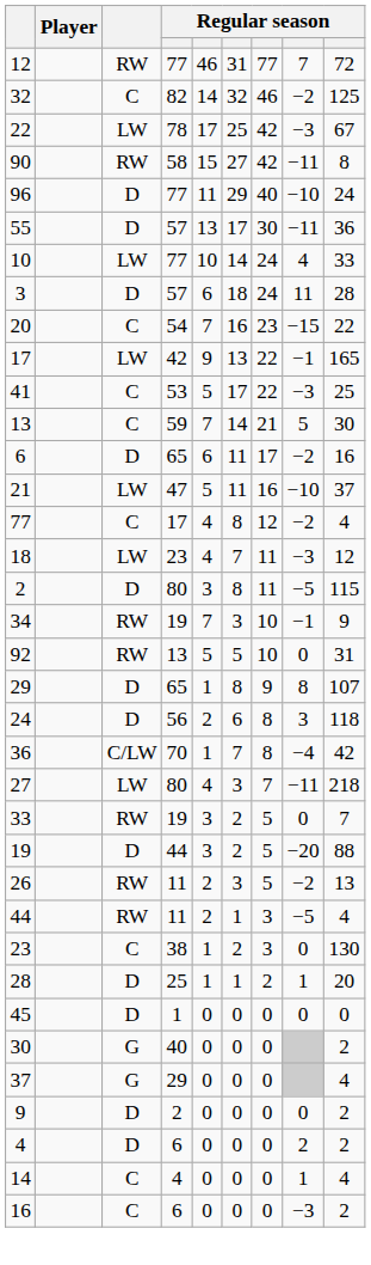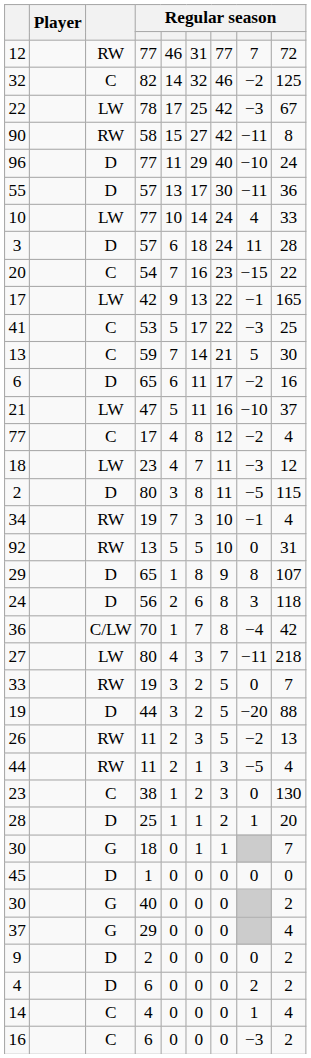 <table class="wikitable sortable plainrowheaders" style="text-align:center;">
 <tr>
 <th scope="col" data-sort-type="number" rowspan="2"></th>
 <th scope="col" rowspan="2">Player</th>
 <th scope="col" rowspan="2"></th>
 <th scope=colgroup colspan=6>Regular season</th>
 </tr>
 <tr>
 <th scope="col" data-sort-type="number"></th>
 <th scope="col" data-sort-type="number"></th>
 <th scope="col" data-sort-type="number"></th>
 <th scope="col" data-sort-type="number"></th>
 <th scope="col" data-sort-type="number"></th>
 <th scope="col" data-sort-type="number"></th>
 </tr>
 <tr>
 <td scope="row">12</td>
 <td align="left"></td>
 <td>RW</td>
 <td>77</td>
 <td>46</td>
 <td>31</td>
 <td>77</td>
 <td>7</td>
 <td>72</td>
 </tr>
 <tr>
 <td scope="row">32</td>
 <td align="left"></td>
 <td>C</td>
 <td>82</td>
 <td>14</td>
 <td>32</td>
 <td>46</td>
 <td>−2</td>
 <td>125</td>
 </tr>
 <tr>
 <td scope="row">22</td>
 <td align="left"></td>
 <td>LW</td>
 <td>78</td>
 <td>17</td>
 <td>25</td>
 <td>42</td>
 <td>−3</td>
 <td>67</td>
 </tr>
 <tr>
 <td scope="row">90</td>
 <td align="left"></td>
 <td>RW</td>
 <td>58</td>
 <td>15</td>
 <td>27</td>
 <td>42</td>
 <td>−11</td>
 <td>8</td>
 </tr>
 <tr>
 <td scope="row">96</td>
 <td align="left"></td>
 <td>D</td>
 <td>77</td>
 <td>11</td>
 <td>29</td>
 <td>40</td>
 <td>−10</td>
 <td>24</td>
 </tr>
 <tr>
 <td scope="row">55</td>
 <td align="left"></td>
 <td>D</td>
 <td>57</td>
 <td>13</td>
 <td>17</td>
 <td>30</td>
 <td>−11</td>
 <td>36</td>
 </tr>
 <tr>
 <td scope="row">10</td>
 <td align="left"></td>
 <td>LW</td>
 <td>77</td>
 <td>10</td>
 <td>14</td>
 <td>24</td>
 <td>4</td>
 <td>33</td>
 </tr>
 <tr>
 <td scope="row">3</td>
 <td align="left"></td>
 <td>D</td>
 <td>57</td>
 <td>6</td>
 <td>18</td>
 <td>24</td>
 <td>11</td>
 <td>28</td>
 </tr>
 <tr>
 <td scope="row">20</td>
 <td align="left"></td>
 <td>C</td>
 <td>54</td>
 <td>7</td>
 <td>16</td>
 <td>23</td>
 <td>−15</td>
 <td>22</td>
 </tr>
 <tr>
 <td scope="row">17</td>
 <td align="left"></td>
 <td>LW</td>
 <td>42</td>
 <td>9</td>
 <td>13</td>
 <td>22</td>
 <td>−1</td>
 <td>165</td>
 </tr>
 <tr>
 <td scope="row">41</td>
 <td align="left"></td>
 <td>C</td>
 <td>53</td>
 <td>5</td>
 <td>17</td>
 <td>22</td>
 <td>−3</td>
 <td>25</td>
 </tr>
 <tr>
 <td scope="row">13</td>
 <td align="left"></td>
 <td>C</td>
 <td>59</td>
 <td>7</td>
 <td>14</td>
 <td>21</td>
 <td>5</td>
 <td>30</td>
 </tr>
 <tr>
 <td scope="row">6</td>
 <td align="left"></td>
 <td>D</td>
 <td>65</td>
 <td>6</td>
 <td>11</td>
 <td>17</td>
 <td>−2</td>
 <td>16</td>
 </tr>
 <tr>
 <td scope="row">21</td>
 <td align="left"></td>
 <td>LW</td>
 <td>47</td>
 <td>5</td>
 <td>11</td>
 <td>16</td>
 <td>−10</td>
 <td>37</td>
 </tr>
 <tr>
 <td scope="row">77</td>
 <td align="left"></td>
 <td>C</td>
 <td>17</td>
 <td>4</td>
 <td>8</td>
 <td>12</td>
 <td>−2</td>
 <td>4</td>
 </tr>
 <tr>
 <td scope="row">18</td>
 <td align="left"></td>
 <td>LW</td>
 <td>23</td>
 <td>4</td>
 <td>7</td>
 <td>11</td>
 <td>−3</td>
 <td>12</td>
 </tr>
 <tr>
 <td scope="row">2</td>
 <td align="left"></td>
 <td>D</td>
 <td>80</td>
 <td>3</td>
 <td>8</td>
 <td>11</td>
 <td>−5</td>
 <td>115</td>
 </tr>
 <tr>
 <td scope="row">34</td>
 <td align="left"></td>
 <td>RW</td>
 <td>19</td>
 <td>7</td>
 <td>3</td>
 <td>10</td>
 <td>−1</td>
-<td>9</td>
+<td>4</td>
 </tr>
 <tr>
 <td scope="row">92</td>
 <td align="left"></td>
 <td>RW</td>
 <td>13</td>
 <td>5</td>
 <td>5</td>
 <td>10</td>
 <td>0</td>
 <td>31</td>
 </tr>
 <tr>
 <td scope="row">29</td>
 <td align="left"></td>
 <td>D</td>
 <td>65</td>
 <td>1</td>
 <td>8</td>
 <td>9</td>
 <td>8</td>
 <td>107</td>
 </tr>
 <tr>
 <td scope="row">24</td>
 <td align="left"></td>
 <td>D</td>
 <td>56</td>
 <td>2</td>
 <td>6</td>
 <td>8</td>
 <td>3</td>
 <td>118</td>
 </tr>
 <tr>
 <td scope="row">36</td>
 <td align="left"></td>
 <td>C/LW</td>
 <td>70</td>
 <td>1</td>
 <td>7</td>
 <td>8</td>
 <td>−4</td>
 <td>42</td>
 </tr>
 <tr>
 <td scope="row">27</td>
 <td align="left"></td>
 <td>LW</td>
 <td>80</td>
 <td>4</td>
 <td>3</td>
 <td>7</td>
 <td>−11</td>
 <td>218</td>
 </tr>
 <tr>
 <td scope="row">33</td>
 <td align="left"></td>
 <td>RW</td>
 <td>19</td>
 <td>3</td>
 <td>2</td>
 <td>5</td>
 <td>0</td>
 <td>7</td>
 </tr>
 <tr>
 <td scope="row">19</td>
 <td align="left"></td>
 <td>D</td>
 <td>44</td>
 <td>3</td>
 <td>2</td>
 <td>5</td>
 <td>−20</td>
 <td>88</td>
 </tr>
 <tr>
 <td scope="row">26</td>
 <td align="left"></td>
 <td>RW</td>
 <td>11</td>
 <td>2</td>
 <td>3</td>
 <td>5</td>
 <td>−2</td>
 <td>13</td>
 </tr>
 <tr>
 <td scope="row">44</td>
 <td align="left"></td>
 <td>RW</td>
 <td>11</td>
 <td>2</td>
 <td>1</td>
 <td>3</td>
 <td>−5</td>
 <td>4</td>
 </tr>
 <tr>
 <td scope="row">23</td>
 <td align="left"></td>
 <td>C</td>
 <td>38</td>
 <td>1</td>
 <td>2</td>
 <td>3</td>
 <td>0</td>
 <td>130</td>
 </tr>
 <tr>
 <td scope="row">28</td>
 <td align="left"></td>
 <td>D</td>
 <td>25</td>
 <td>1</td>
 <td>1</td>
 <td>2</td>
 <td>1</td>
 <td>20</td>
 </tr>
 <tr>
+<td scope="row">30</td>
+<td align="left"></td>
+<td>G</td>
+<td>18</td>
+<td>0</td>
+<td>1</td>
+<td>1</td>
+<td style="background:#ccc"></td>
+<td>7</td>
+</tr>
+<tr>
 <td scope="row">45</td>
 <td align="left"></td>
 <td>D</td>
 <td>1</td>
 <td>0</td>
 <td>0</td>
 <td>0</td>
 <td>0</td>
 <td>0</td>
 </tr>
 <tr>
 <td scope="row">30</td>
 <td align="left"></td>
 <td>G</td>
 <td>40</td>
 <td>0</td>
 <td>0</td>
 <td>0</td>
 <td style="background:#ccc"></td>
 <td>2</td>
 </tr>
 <tr>
 <td scope="row">37</td>
 <td align="left"></td>
 <td>G</td>
 <td>29</td>
 <td>0</td>
 <td>0</td>
 <td>0</td>
 <td style="background:#ccc"></td>
 <td>4</td>
 </tr>
 <tr>
 <td scope="row">9</td>
 <td align="left"></td>
 <td>D</td>
 <td>2</td>
 <td>0</td>
 <td>0</td>
 <td>0</td>
 <td>0</td>
 <td>2</td>
 </tr>
 <tr>
 <td scope="row">4</td>
 <td align="left"></td>
 <td>D</td>
 <td>6</td>
 <td>0</td>
 <td>0</td>
 <td>0</td>
 <td>2</td>
 <td>2</td>
 </tr>
 <tr>
 <td scope="row">14</td>
 <td align="left"></td>
 <td>C</td>
 <td>4</td>
 <td>0</td>
 <td>0</td>
 <td>0</td>
 <td>1</td>
 <td>4</td>
 </tr>
 <tr>
 <td scope="row">16</td>
 <td align="left"></td>
 <td>C</td>
 <td>6</td>
 <td>0</td>
 <td>0</td>
 <td>0</td>
 <td>−3</td>
 <td>2</td>
 </tr>
 </table>
